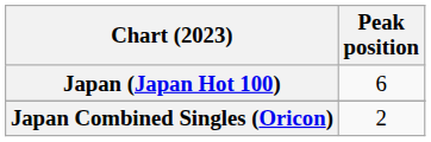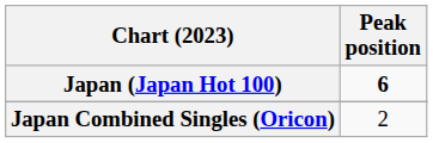 <table class="wikitable sortable plainrowheaders" style="text-align:center">
 <tr>
 <th scope="col">Chart (2023)</th>
 <th scope="col">Peak<br>position</th>
 </tr>
 <tr>
 <th scope="row">Japan (<a href='#'>Japan Hot 100</a>)</th>
-<td>6</td>
+<td><strong>6</strong></td>
 </tr>
 <tr>
 </tr>
 <tr>
 <th scope="row">Japan Combined Singles (<a href='#'>Oricon</a>)</th>
 <td>2</td>
 </tr>
 </table>
